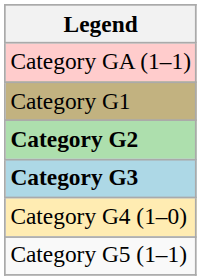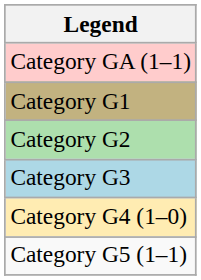 <table class="sortable wikitable" style="font-size:85%">
 <tr>
 <th>Legend</th>
 </tr>
 <tr bgcolor="#fcc">
 <td>Category GA (1–1)</td>
 </tr>
 <tr bgcolor="#c2b280">
 <td>Category G1</td>
 </tr>
 <tr bgcolor="#addfad">
-<td><strong>Category G2</strong></td>
+<td>Category G2</td>
 </tr>
 <tr bgcolor="lightblue">
-<td><strong>Category G3</strong></td>
+<td>Category G3</td>
 </tr>
 <tr bgcolor="#ffecb2">
 <td>Category G4 (1–0)</td>
 </tr>
 <tr>
 <td>Category G5 (1–1)</td>
 </tr>
 </table>
